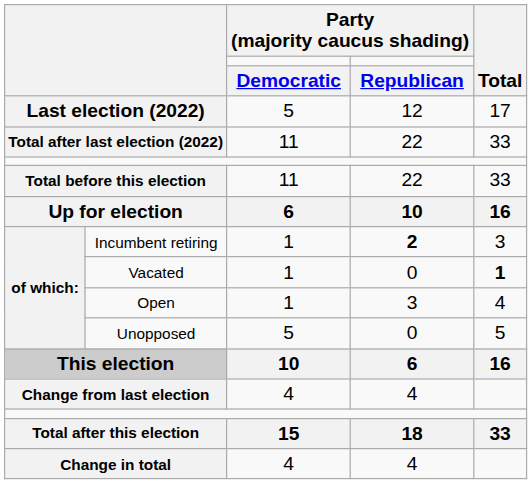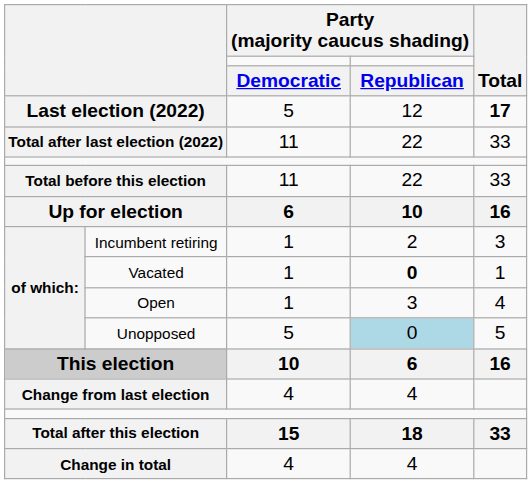 <table class=wikitable style="text-align:center">
 <tr style="vertical-align:bottom;">
 <th rowspan=3 colspan=2></th>
 <th colspan=2>Party <div>(majority caucus shading)</div></th>
 <th rowspan=3>Total</th>
 </tr>
 <tr style="height:5px">
 <td style="background-color:"></td>
 <td style="background-color:"></td>
 </tr>
 <tr>
 <th><a href='#'>Democratic</a></th>
 <th><a href='#'>Republican</a></th>
 </tr>
 <tr>
 <th nowrap colspan=2>Last election (2022)</th>
 <td>5</td>
 <td>12</td>
-<td>17</td>
+<td><strong>17</strong></td>
 </tr>
 <tr>
 <th nowrap style="font-size:80%" colspan=2>Total after last election (2022)</th>
 <td>11</td>
 <td>22</td>
 <td>33</td>
 </tr>
 <tr>
 <td colspan=5></td>
 </tr>
 <tr>
 <th nowrap style="font-size:80%" colspan=2>Total before this election</th>
 <td>11</td>
 <td>22</td>
 <td>33</td>
 </tr>
 <tr>
 <th colspan=2>Up for election</th>
 <th>6</th>
 <th>10</th>
 <th>16</th>
 </tr>
 <tr>
 <th rowspan="4" style="font-size:80%">of which:</th>
 <td nowrap style="font-size:80%">Incumbent retiring</td>
 <td>1</td>
-<td><strong>2</strong></td>
+<td>2</td>
 <td>3</td>
 </tr>
 <tr>
 <td nowrap style="font-size:80%">Vacated</td>
 <td>1</td>
-<td>0</td>
-<td><strong>1</strong></td>
+<td><strong>0</strong></td>
+<td>1</td>
 </tr>
 <tr>
 <td nowrap style="font-size:80%">Open</td>
 <td>1</td>
 <td>3</td>
 <td>4</td>
 </tr>
 <tr>
 <td nowrap style="font-size:80%">Unopposed</td>
 <td>5</td>
-<td>0</td>
+<td style="background: lightblue;">0</td>
 <td>5</td>
 </tr>
 <tr>
 <th nowrap style="background:#ccc" colspan=2>This election</th>
 <th>10</th>
 <th>6</th>
 <th>16</th>
 </tr>
 <tr>
 <th nowrap style="font-size:80%"  colspan=2>Change from last election</th>
 <td> 4</td>
 <td> 4</td>
 <td></td>
 </tr>
 <tr>
 <td colspan=5></td>
 </tr>
 <tr>
 <th nowrap style="font-size:80%" colspan=2>Total after this election</th>
 <th>15</th>
 <th>18</th>
 <th>33</th>
 </tr>
 <tr>
 <th nowrap style="font-size:80%"  colspan=2>Change in total</th>
 <td> 4</td>
 <td> 4</td>
 <td></td>
 </tr>
 </table>
